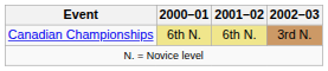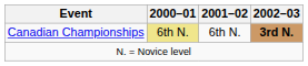 <table class="wikitable" style="text-align:center">
 <tr>
 <th>Event</th>
 <th>2000–01</th>
 <th>2001–02</th>
 <th>2002–03</th>
 </tr>
 <tr>
 <td align=left><a href='#'>Canadian Championships</a></td>
 <td style="background: khaki;">6th N.</td>
-<td style="background: khaki;">6th N.</td>
-<td bgcolor=cc9966>3rd N.</td>
+<td>6th N.</td>
+<td bgcolor=cc9966><strong>3rd N.</strong></td>
 </tr>
 <tr>
 <td colspan=4 align=center><small> N. = Novice level </small></td>
 </tr>
 </table>
